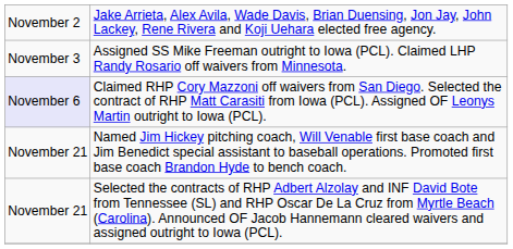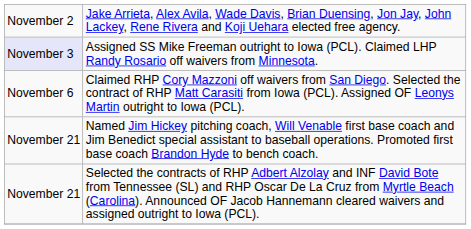 <table class="wikitable">
 <tr>
 <td>November 2</td>
 <td><a href='#'>Jake Arrieta</a>, <a href='#'>Alex Avila</a>, <a href='#'>Wade Davis</a>, <a href='#'>Brian Duensing</a>, <a href='#'>Jon Jay</a>, <a href='#'>John Lackey</a>, <a href='#'>Rene Rivera</a> and <a href='#'>Koji Uehara</a> elected free agency.</td>
 </tr>
 <tr>
-<td>November 3</td>
+<td style="background: lavender;">November 3</td>
 <td>Assigned SS Mike Freeman outright to Iowa (PCL). Claimed LHP <a href='#'>Randy Rosario</a> off waivers from <a href='#'>Minnesota</a>.</td>
 </tr>
 <tr>
-<td style="background: lavender;">November 6</td>
+<td>November 6</td>
 <td>Claimed RHP <a href='#'>Cory Mazzoni</a> off waivers from <a href='#'>San Diego</a>. Selected the contract of RHP <a href='#'>Matt Carasiti</a> from Iowa (PCL). Assigned OF <a href='#'>Leonys Martin</a> outright to Iowa (PCL).</td>
 </tr>
 <tr>
 <td>November 21</td>
 <td>Named <a href='#'>Jim Hickey</a> pitching coach, <a href='#'>Will Venable</a> first base coach and Jim Benedict special assistant to baseball operations. Promoted first base coach <a href='#'>Brandon Hyde</a> to bench coach.</td>
 </tr>
 <tr>
 <td>November 21</td>
 <td>Selected the contracts of RHP <a href='#'>Adbert Alzolay</a> and INF <a href='#'>David Bote</a> from Tennessee (SL) and RHP Oscar De La Cruz from <a href='#'>Myrtle Beach</a> (<a href='#'>Carolina</a>). Announced OF Jacob Hannemann cleared waivers and assigned outright to Iowa (PCL).</td>
 </tr>
 <tr>
 </tr>
 </table>
